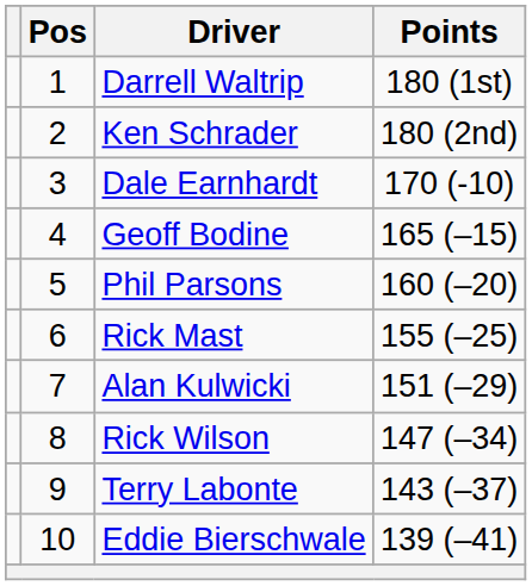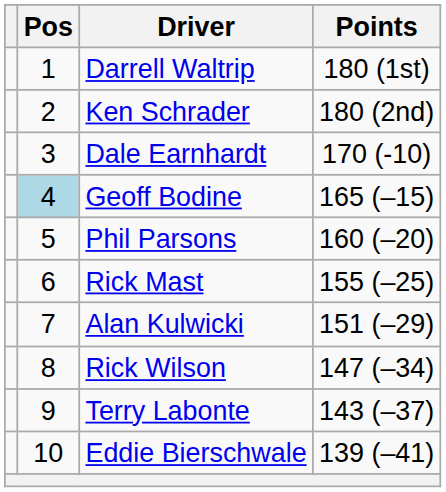 <table class="wikitable" style="font-size: 95%;">
 <tr>
 <th></th>
 <th>Pos</th>
 <th>Driver</th>
 <th>Points</th>
 </tr>
 <tr>
 <td align="left"></td>
 <td style="text-align:center;">1</td>
 <td><a href='#'>Darrell Waltrip</a></td>
 <td style="text-align:center;">180 (1st)</td>
 </tr>
 <tr>
 <td align="left"></td>
 <td style="text-align:center;">2</td>
 <td><a href='#'>Ken Schrader</a></td>
 <td style="text-align:center;">180 (2nd)</td>
 </tr>
 <tr>
 <td align="left"></td>
 <td style="text-align:center;">3</td>
 <td><a href='#'>Dale Earnhardt</a></td>
 <td style="text-align:center;">170 (-10)</td>
 </tr>
 <tr>
 <td align="left"></td>
-<td style="text-align:center;">4</td>
+<td style="background: lightblue; text-align:center;">4</td>
 <td><a href='#'>Geoff Bodine</a></td>
 <td style="text-align:center;">165 (–15)</td>
 </tr>
 <tr>
 <td align="left"></td>
 <td style="text-align:center;">5</td>
 <td><a href='#'>Phil Parsons</a></td>
 <td style="text-align:center;">160 (–20)</td>
 </tr>
 <tr>
 <td align="left"></td>
 <td style="text-align:center;">6</td>
 <td><a href='#'>Rick Mast</a></td>
 <td style="text-align:center;">155 (–25)</td>
 </tr>
 <tr>
 <td align="left"></td>
 <td style="text-align:center;">7</td>
 <td><a href='#'>Alan Kulwicki</a></td>
 <td style="text-align:center;">151 (–29)</td>
 </tr>
 <tr>
 <td align="left"></td>
 <td style="text-align:center;">8</td>
 <td><a href='#'>Rick Wilson</a></td>
 <td style="text-align:center;">147 (–34)</td>
 </tr>
 <tr>
 <td align="left"></td>
 <td style="text-align:center;">9</td>
 <td><a href='#'>Terry Labonte</a></td>
 <td style="text-align:center;">143 (–37)</td>
 </tr>
 <tr>
 <td align="left"></td>
 <td style="text-align:center;">10</td>
 <td><a href='#'>Eddie Bierschwale</a></td>
 <td style="text-align:center;">139 (–41)</td>
 </tr>
 <tr class="sortbottom">
 <th colspan="9"></th>
 </tr>
 </table>
